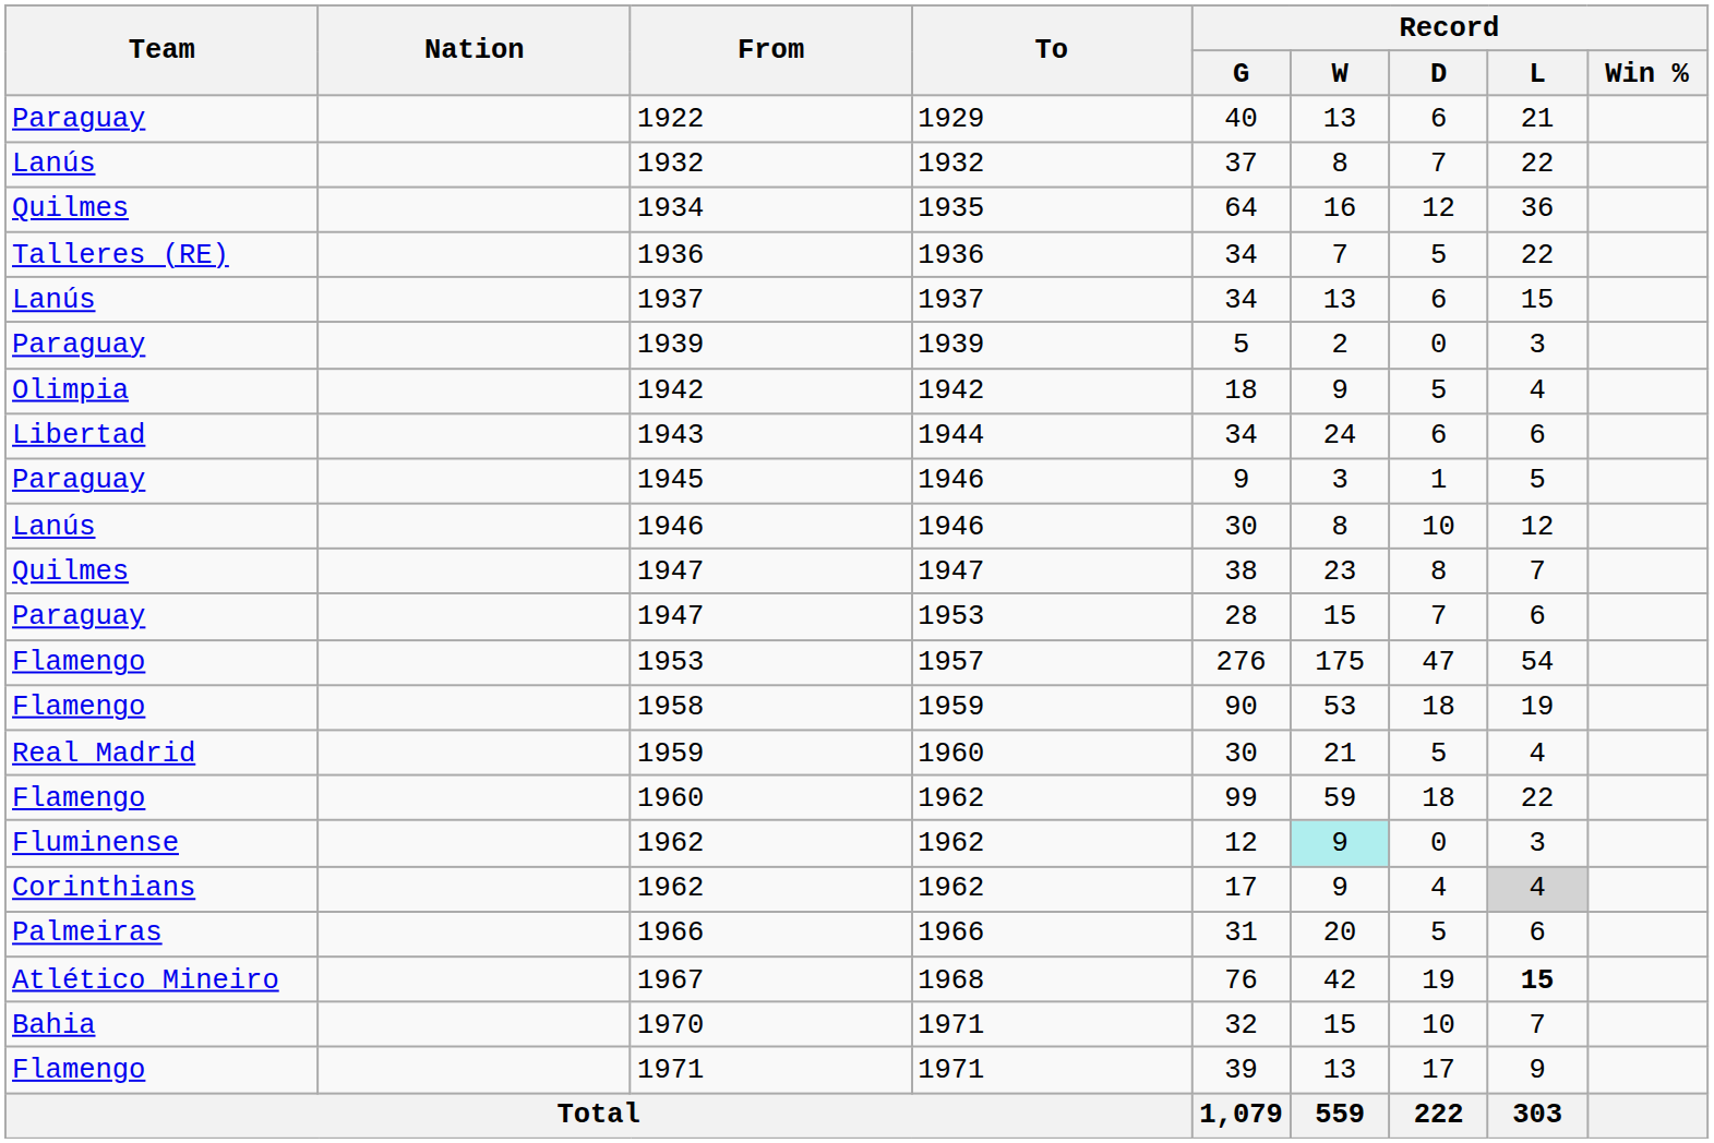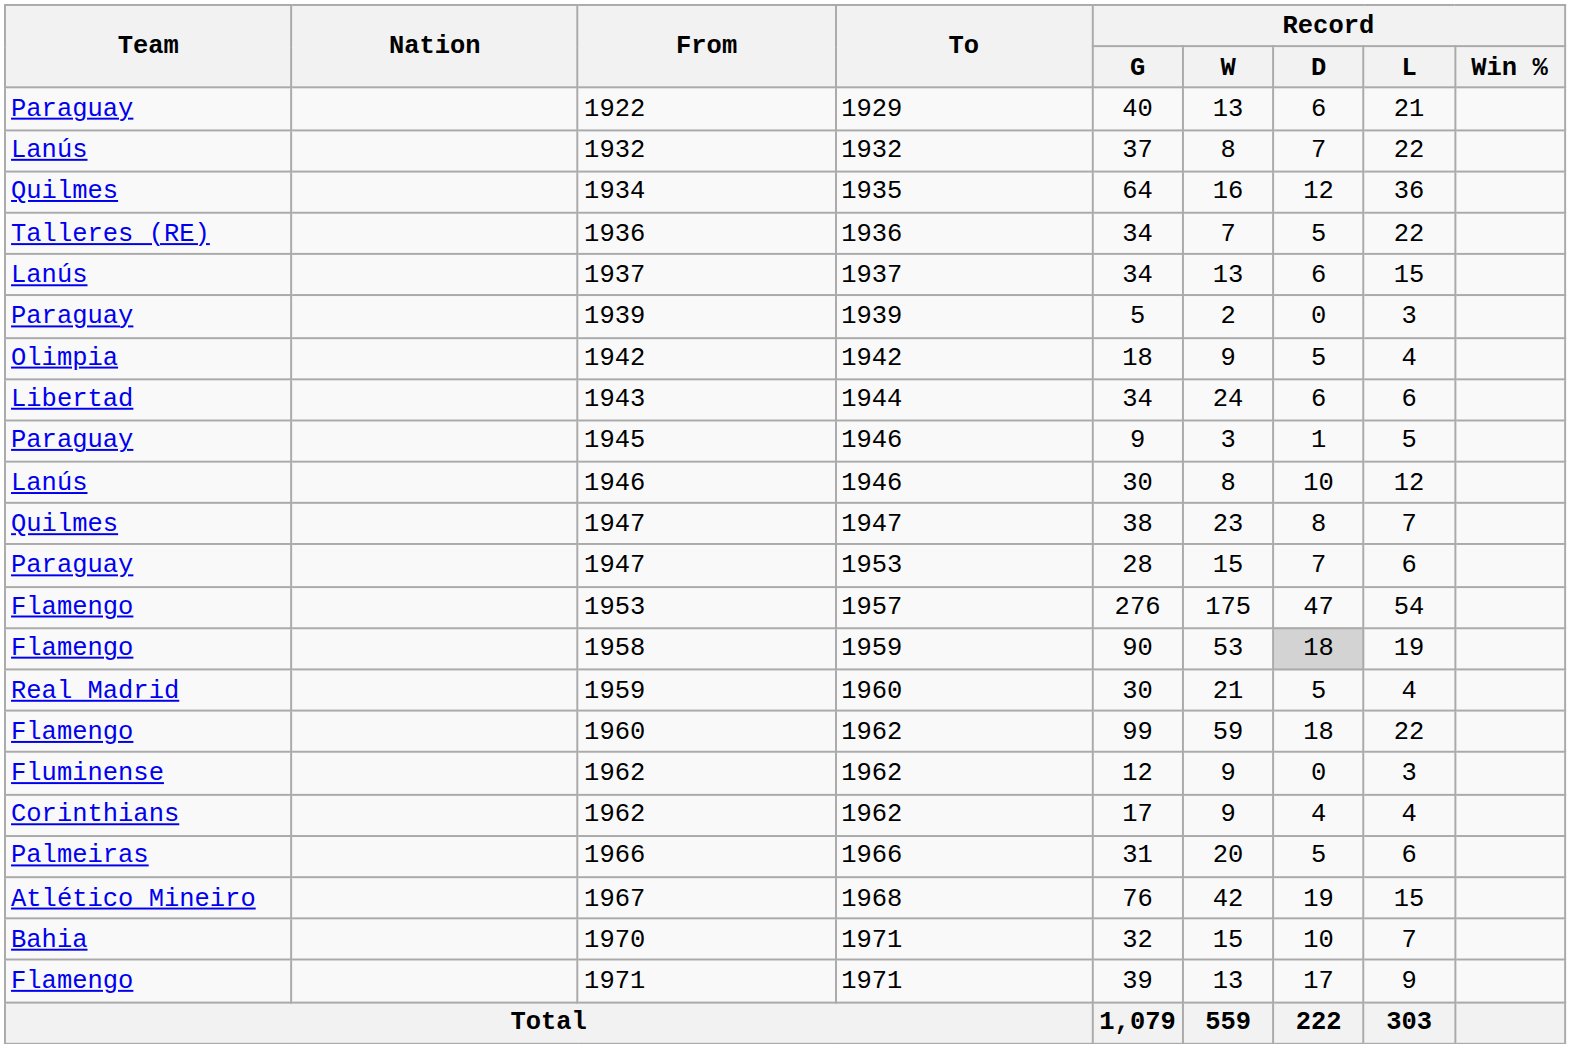 <table class="wikitable" style="text-align: center">
 <tr>
 <th rowspan=2 width=140>Team</th>
 <th rowspan=2 width=140>Nation</th>
 <th rowspan=2 width=125>From</th>
 <th rowspan=2 width=125>To</th>
 <th colspan=8>Record</th>
 </tr>
 <tr>
 <th width=40>G</th>
 <th width=40>W</th>
 <th width=40>D</th>
 <th width=40>L</th>
 <th width=50>Win %</th>
 </tr>
 <tr>
 <td align="left"><a href='#'>Paraguay</a></td>
 <td align="left"></td>
 <td align=left>1922</td>
 <td align=left>1929</td>
 <td>40</td>
 <td>13</td>
 <td>6</td>
 <td>21</td>
 <td></td>
 </tr>
 <tr>
 <td align="left"><a href='#'>Lanús</a></td>
 <td align="left"></td>
 <td align=left>1932</td>
 <td align=left>1932</td>
 <td>37</td>
 <td>8</td>
 <td>7</td>
 <td>22</td>
 <td></td>
 </tr>
 <tr>
 <td align="left"><a href='#'>Quilmes</a></td>
 <td align="left"></td>
 <td align=left>1934</td>
 <td align=left>1935</td>
 <td>64</td>
 <td>16</td>
 <td>12</td>
 <td>36</td>
 <td></td>
 </tr>
 <tr>
 <td align="left"><a href='#'>Talleres (RE)</a></td>
 <td align="left"></td>
 <td align=left>1936</td>
 <td align=left>1936</td>
 <td>34</td>
 <td>7</td>
 <td>5</td>
 <td>22</td>
 <td></td>
 </tr>
 <tr>
 <td align="left"><a href='#'>Lanús</a></td>
 <td align="left"></td>
 <td align=left>1937</td>
 <td align=left>1937</td>
 <td>34</td>
 <td>13</td>
 <td>6</td>
 <td>15</td>
 <td></td>
 </tr>
 <tr>
 <td align="left"><a href='#'>Paraguay</a></td>
 <td align="left"></td>
 <td align=left>1939</td>
 <td align=left>1939</td>
 <td>5</td>
 <td>2</td>
 <td>0</td>
 <td>3</td>
 <td></td>
 </tr>
 <tr>
 <td align="left"><a href='#'>Olimpia</a></td>
 <td align="left"></td>
 <td align=left>1942</td>
 <td align=left>1942</td>
 <td>18</td>
 <td>9</td>
 <td>5</td>
 <td>4</td>
 <td></td>
 </tr>
 <tr>
 <td align="left"><a href='#'>Libertad</a></td>
 <td align="left"></td>
 <td align=left>1943</td>
 <td align=left>1944</td>
 <td>34</td>
 <td>24</td>
 <td>6</td>
 <td>6</td>
 <td></td>
 </tr>
 <tr>
 <td align="left"><a href='#'>Paraguay</a></td>
 <td align="left"></td>
 <td align=left>1945</td>
 <td align=left>1946</td>
 <td>9</td>
 <td>3</td>
 <td>1</td>
 <td>5</td>
 <td></td>
 </tr>
 <tr>
 <td align="left"><a href='#'>Lanús</a></td>
 <td align="left"></td>
 <td align=left>1946</td>
 <td align=left>1946</td>
 <td>30</td>
 <td>8</td>
 <td>10</td>
 <td>12</td>
 <td></td>
 </tr>
 <tr>
 <td align="left"><a href='#'>Quilmes</a></td>
 <td align="left"></td>
 <td align=left>1947</td>
 <td align=left>1947</td>
 <td>38</td>
 <td>23</td>
 <td>8</td>
 <td>7</td>
 <td></td>
 </tr>
 <tr>
 <td align="left"><a href='#'>Paraguay</a></td>
 <td align="left"></td>
 <td align=left>1947</td>
 <td align=left>1953</td>
 <td>28</td>
 <td>15</td>
 <td>7</td>
 <td>6</td>
 <td></td>
 </tr>
 <tr>
 <td align="left"><a href='#'>Flamengo</a></td>
 <td align="left"></td>
 <td align=left>1953</td>
 <td align=left>1957</td>
 <td>276</td>
 <td>175</td>
 <td>47</td>
 <td>54</td>
 <td></td>
 </tr>
 <tr>
 <td align="left"><a href='#'>Flamengo</a></td>
 <td align="left"></td>
 <td align=left>1958</td>
 <td align=left>1959</td>
 <td>90</td>
 <td>53</td>
-<td>18</td>
+<td style="background: lightgrey;">18</td>
 <td>19</td>
 <td></td>
 </tr>
 <tr>
 <td align="left"><a href='#'>Real Madrid</a></td>
 <td align="left"></td>
 <td align=left>1959</td>
 <td align=left>1960</td>
 <td>30</td>
 <td>21</td>
 <td>5</td>
 <td>4</td>
 <td></td>
 </tr>
 <tr>
 <td align="left"><a href='#'>Flamengo</a></td>
 <td align="left"></td>
 <td align=left>1960</td>
 <td align=left>1962</td>
 <td>99</td>
 <td>59</td>
 <td>18</td>
 <td>22</td>
 <td></td>
 </tr>
 <tr>
 <td align="left"><a href='#'>Fluminense</a></td>
 <td align="left"></td>
 <td align=left>1962</td>
 <td align=left>1962</td>
 <td>12</td>
-<td style="background: paleturquoise;">9</td>
+<td>9</td>
 <td>0</td>
 <td>3</td>
 <td></td>
 </tr>
 <tr>
 <td align="left"><a href='#'>Corinthians</a></td>
 <td align="left"></td>
 <td align=left>1962</td>
 <td align=left>1962</td>
 <td>17</td>
 <td>9</td>
 <td>4</td>
-<td style="background: lightgrey;">4</td>
+<td>4</td>
 <td></td>
 </tr>
 <tr>
 <td align="left"><a href='#'>Palmeiras</a></td>
 <td align="left"></td>
 <td align=left>1966</td>
 <td align=left>1966</td>
 <td>31</td>
 <td>20</td>
 <td>5</td>
 <td>6</td>
 <td></td>
 </tr>
 <tr>
 <td align="left"><a href='#'>Atlético Mineiro</a></td>
 <td align="left"></td>
 <td align=left>1967</td>
 <td align=left>1968</td>
 <td>76</td>
 <td>42</td>
 <td>19</td>
-<td><strong>15</strong></td>
+<td>15</td>
 <td></td>
 </tr>
 <tr>
 <td align="left"><a href='#'>Bahia</a></td>
 <td align="left"></td>
 <td align=left>1970</td>
 <td align=left>1971</td>
 <td>32</td>
 <td>15</td>
 <td>10</td>
 <td>7</td>
 <td></td>
 </tr>
 <tr>
 <td align="left"><a href='#'>Flamengo</a></td>
 <td align="left"></td>
 <td align=left>1971</td>
 <td align=left>1971</td>
 <td>39</td>
 <td>13</td>
 <td>17</td>
 <td>9</td>
 <td></td>
 </tr>
 <tr>
 <th align="center" colspan="4">Total</th>
 <th>1,079</th>
 <th>559</th>
 <th>222</th>
 <th>303</th>
 <th></th>
 </tr>
 </table>
